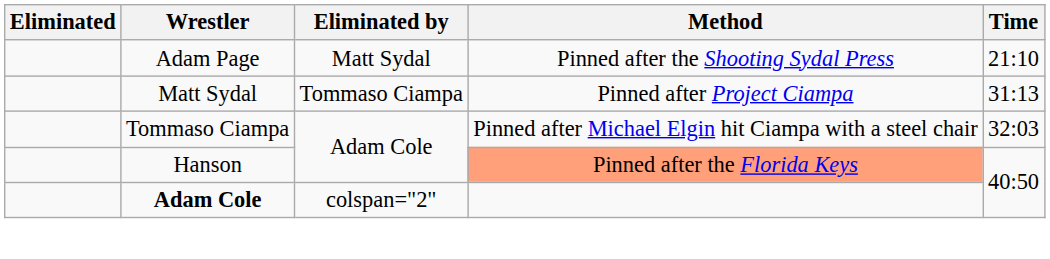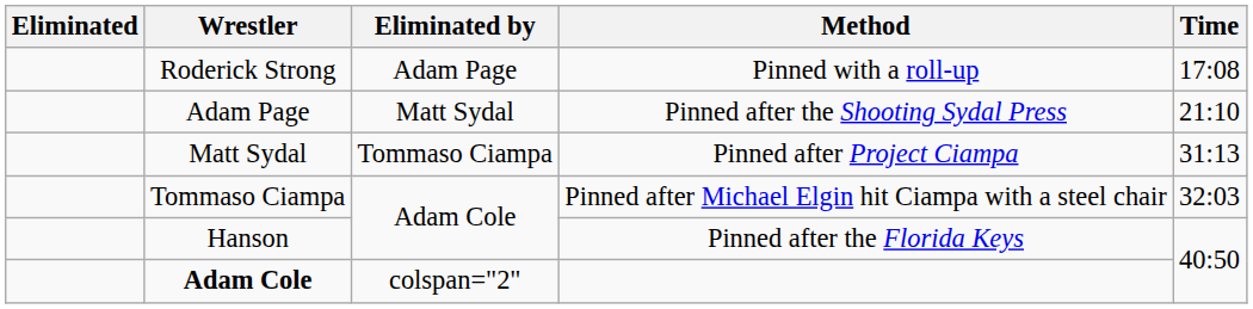 <table class="wikitable sortable" style="text-align:center;">
 <tr>
 <th>Eliminated</th>
 <th>Wrestler</th>
 <th>Eliminated by</th>
 <th>Method</th>
 <th>Time</th>
+</tr>
+<tr>
+<td></td>
+<td>Roderick Strong</td>
+<td>Adam Page</td>
+<td>Pinned with a <a href='#'>roll-up</a></td>
+<td>17:08</td>
 </tr>
 <tr>
 <td></td>
 <td>Adam Page</td>
 <td>Matt Sydal</td>
 <td>Pinned after the <em><a href='#'>Shooting Sydal Press</a></em></td>
 <td>21:10</td>
 </tr>
 <tr>
 <td></td>
 <td>Matt Sydal</td>
 <td>Tommaso Ciampa</td>
 <td>Pinned after <em><a href='#'>Project Ciampa</a></em></td>
 <td>31:13</td>
 </tr>
 <tr>
 <td></td>
 <td>Tommaso Ciampa</td>
 <td rowspan=2>Adam Cole</td>
 <td>Pinned after <a href='#'>Michael Elgin</a> hit Ciampa with a steel chair</td>
 <td>32:03</td>
 </tr>
 <tr>
 <td></td>
 <td>Hanson</td>
-<td style="background: lightsalmon;">Pinned after the <em><a href='#'>Florida Keys</a></em></td>
+<td>Pinned after the <em><a href='#'>Florida Keys</a></em></td>
 <td rowspan=2>40:50</td>
 </tr>
 <tr>
 <td></td>
 <td><strong>Adam Cole</strong></td>
 <td>colspan="2" </td>
 </tr>
 </table>
